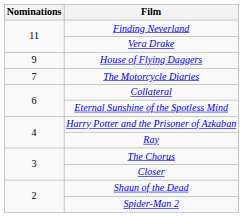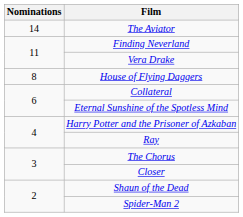 <table class="wikitable" style="text-align:center;">
 <tr>
 <th style="background:">Nominations</th>
 <th style="background:">Film</th>
+</tr>
+<tr>
+<td>14</td>
+<td><em><a href='#'>The Aviator</a></em></td>
 </tr>
 <tr>
 <td rowspan="2">11</td>
 <td><em><a href='#'>Finding Neverland</a></em></td>
 </tr>
 <tr>
 <td><em><a href='#'>Vera Drake</a></em></td>
 </tr>
 <tr>
-<td>9</td>
+<td>8</td>
 <td><em><a href='#'>House of Flying Daggers</a></em></td>
-</tr>
-<tr>
-<td>7</td>
-<td><em><a href='#'>The Motorcycle Diaries</a></em></td>
 </tr>
 <tr>
 <td rowspan="2">6</td>
 <td><em><a href='#'>Collateral</a></em></td>
 </tr>
 <tr>
 <td><em><a href='#'>Eternal Sunshine of the Spotless Mind</a></em></td>
 </tr>
 <tr>
 <td rowspan="2">4</td>
 <td><em><a href='#'>Harry Potter and the Prisoner of Azkaban</a></em></td>
 </tr>
 <tr>
 <td><em><a href='#'>Ray</a></em></td>
 </tr>
 <tr>
 <td rowspan="2">3</td>
 <td><em><a href='#'>The Chorus</a></em></td>
 </tr>
 <tr>
 <td><em><a href='#'>Closer</a></em></td>
 </tr>
 <tr>
 <td rowspan="2">2</td>
 <td><em><a href='#'>Shaun of the Dead</a></em></td>
 </tr>
 <tr>
 <td><em><a href='#'>Spider-Man 2</a></em></td>
 </tr>
 </table>
